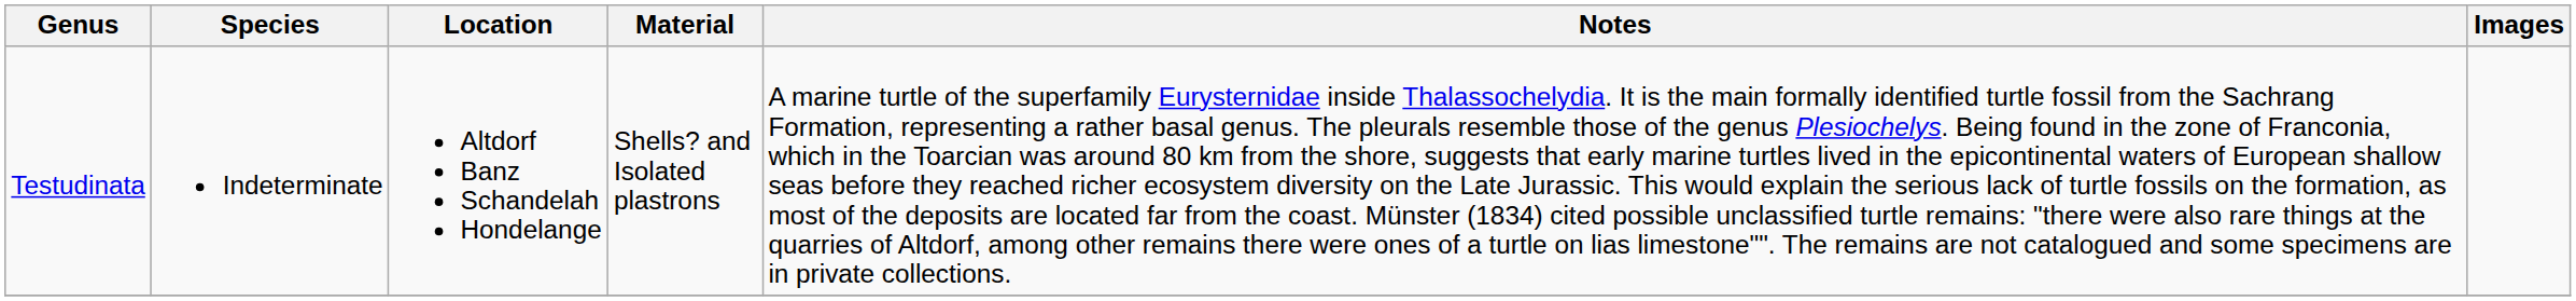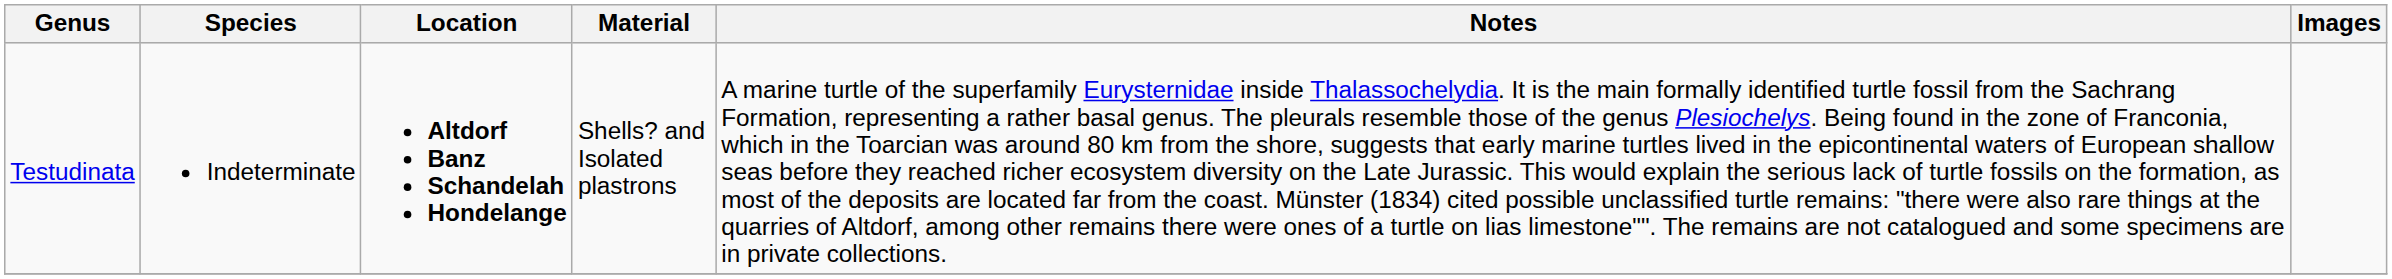 <table class = "wikitable">
 <tr>
 <th>Genus</th>
 <th>Species</th>
 <th>Location</th>
 <th>Material</th>
 <th>Notes</th>
 <th>Images</th>
 </tr>
 <tr>
 <td><br><a href='#'>Testudinata</a></td>
 <td><br><ul><li>Indeterminate</li></ul></td>
-<td><br><ul><li>Altdorf</li><li>Banz</li><li>Schandelah</li><li>Hondelange</li></ul></td>
+<td><strong><br><ul><li>Altdorf</li><li>Banz</li><li>Schandelah</li><li>Hondelange</li></ul></strong></td>
 <td>Shells? and Isolated plastrons</td>
 <td><br>A marine turtle of the superfamily <a href='#'>Eurysternidae</a> inside <a href='#'>Thalassochelydia</a>. It is the main formally identified turtle fossil from the Sachrang Formation, representing a rather basal genus. The pleurals resemble those of the genus <em><a href='#'>Plesiochelys</a></em>. Being found in the zone of Franconia, which in the Toarcian was around 80 km from the shore, suggests that early marine turtles lived in the epicontinental waters of European shallow seas before they reached richer ecosystem diversity on the Late Jurassic. This would explain the serious lack of turtle fossils on the formation, as most of the deposits are located far from the coast. Münster (1834) cited possible unclassified turtle remains: "there were also rare things at the quarries of Altdorf, among other remains there were ones of a turtle on lias limestone"". The remains are not catalogued and some specimens are in private collections.</td>
 <td></td>
 </tr>
 <tr>
 </tr>
 </table>
